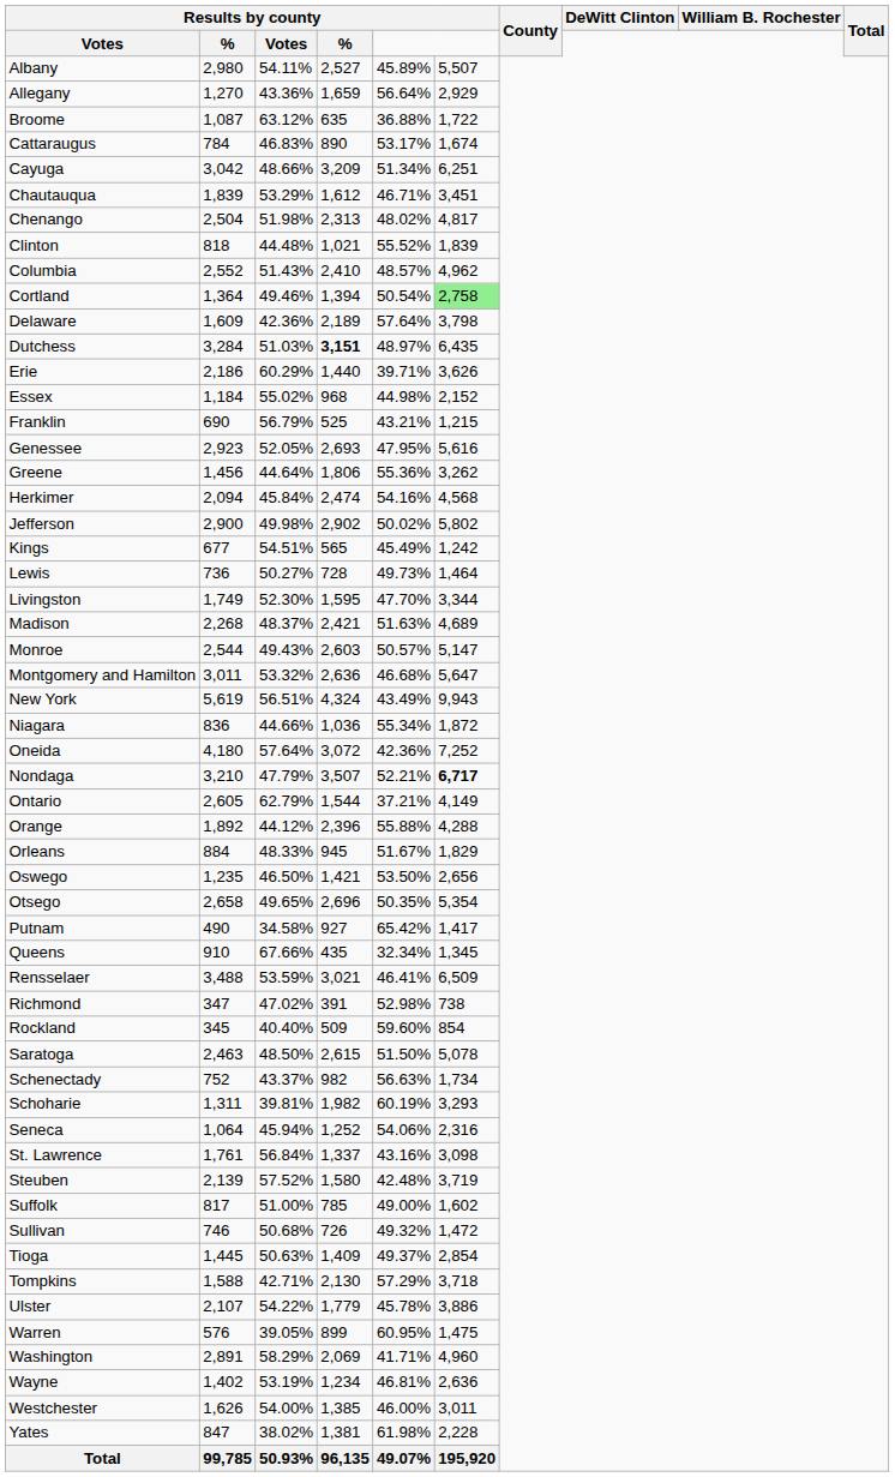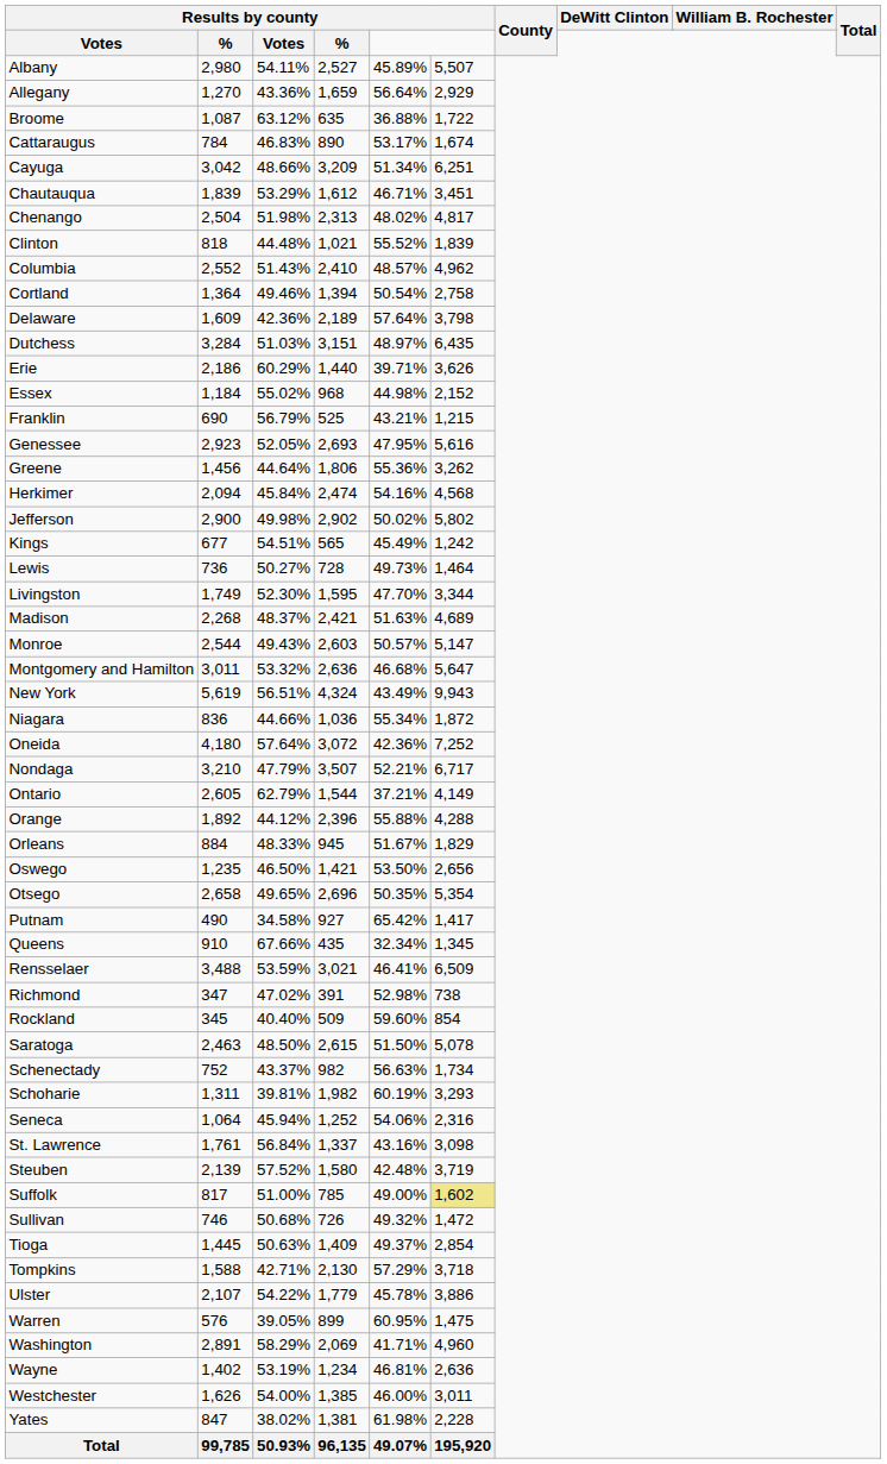 <table class="wikitable sortable mw-collapsible mw-collapsed">
 <tr>
 <th colspan="6"><strong>Results by county</strong></th>
 <th rowspan="2">County</th>
 <th colspan="2">DeWitt Clinton</th>
 <th colspan="2">William B. Rochester</th>
 <th rowspan="2">Total</th>
 </tr>
 <tr>
 <th>Votes</th>
 <th>%</th>
 <th>Votes</th>
 <th>%</th>
 </tr>
 <tr>
 <td>Albany</td>
 <td>2,980</td>
 <td>54.11%</td>
 <td>2,527</td>
 <td>45.89%</td>
 <td>5,507</td>
 </tr>
 <tr>
 <td>Allegany</td>
 <td>1,270</td>
 <td>43.36%</td>
 <td>1,659</td>
 <td>56.64%</td>
 <td>2,929</td>
 </tr>
 <tr>
 <td>Broome</td>
 <td>1,087</td>
 <td>63.12%</td>
 <td>635</td>
 <td>36.88%</td>
 <td>1,722</td>
 </tr>
 <tr>
 <td>Cattaraugus</td>
 <td>784</td>
 <td>46.83%</td>
 <td>890</td>
 <td>53.17%</td>
 <td>1,674</td>
 </tr>
 <tr>
 <td>Cayuga</td>
 <td>3,042</td>
 <td>48.66%</td>
 <td>3,209</td>
 <td>51.34%</td>
 <td>6,251</td>
 </tr>
 <tr>
 <td>Chautauqua</td>
 <td>1,839</td>
 <td>53.29%</td>
 <td>1,612</td>
 <td>46.71%</td>
 <td>3,451</td>
 </tr>
 <tr>
 <td>Chenango</td>
 <td>2,504</td>
 <td>51.98%</td>
 <td>2,313</td>
 <td>48.02%</td>
 <td>4,817</td>
 </tr>
 <tr>
 <td>Clinton</td>
 <td>818</td>
 <td>44.48%</td>
 <td>1,021</td>
 <td>55.52%</td>
 <td>1,839</td>
 </tr>
 <tr>
 <td>Columbia</td>
 <td>2,552</td>
 <td>51.43%</td>
 <td>2,410</td>
 <td>48.57%</td>
 <td>4,962</td>
 </tr>
 <tr>
 <td>Cortland</td>
 <td>1,364</td>
 <td>49.46%</td>
 <td>1,394</td>
 <td>50.54%</td>
-<td style="background: lightgreen;">2,758</td>
+<td>2,758</td>
 </tr>
 <tr>
 <td>Delaware</td>
 <td>1,609</td>
 <td>42.36%</td>
 <td>2,189</td>
 <td>57.64%</td>
 <td>3,798</td>
 </tr>
 <tr>
 <td>Dutchess</td>
 <td>3,284</td>
 <td>51.03%</td>
-<td><strong>3,151</strong></td>
+<td>3,151</td>
 <td>48.97%</td>
 <td>6,435</td>
 </tr>
 <tr>
 <td>Erie</td>
 <td>2,186</td>
 <td>60.29%</td>
 <td>1,440</td>
 <td>39.71%</td>
 <td>3,626</td>
 </tr>
 <tr>
 <td>Essex</td>
 <td>1,184</td>
 <td>55.02%</td>
 <td>968</td>
 <td>44.98%</td>
 <td>2,152</td>
 </tr>
 <tr>
 <td>Franklin</td>
 <td>690</td>
 <td>56.79%</td>
 <td>525</td>
 <td>43.21%</td>
 <td>1,215</td>
 </tr>
 <tr>
 <td>Genessee</td>
 <td>2,923</td>
 <td>52.05%</td>
 <td>2,693</td>
 <td>47.95%</td>
 <td>5,616</td>
 </tr>
 <tr>
 <td>Greene</td>
 <td>1,456</td>
 <td>44.64%</td>
 <td>1,806</td>
 <td>55.36%</td>
 <td>3,262</td>
 </tr>
 <tr>
 <td>Herkimer</td>
 <td>2,094</td>
 <td>45.84%</td>
 <td>2,474</td>
 <td>54.16%</td>
 <td>4,568</td>
 </tr>
 <tr>
 <td>Jefferson</td>
 <td>2,900</td>
 <td>49.98%</td>
 <td>2,902</td>
 <td>50.02%</td>
 <td>5,802</td>
 </tr>
 <tr>
 <td>Kings</td>
 <td>677</td>
 <td>54.51%</td>
 <td>565</td>
 <td>45.49%</td>
 <td>1,242</td>
 </tr>
 <tr>
 <td>Lewis</td>
 <td>736</td>
 <td>50.27%</td>
 <td>728</td>
 <td>49.73%</td>
 <td>1,464</td>
 </tr>
 <tr>
 <td>Livingston</td>
 <td>1,749</td>
 <td>52.30%</td>
 <td>1,595</td>
 <td>47.70%</td>
 <td>3,344</td>
 </tr>
 <tr>
 <td>Madison</td>
 <td>2,268</td>
 <td>48.37%</td>
 <td>2,421</td>
 <td>51.63%</td>
 <td>4,689</td>
 </tr>
 <tr>
 <td>Monroe</td>
 <td>2,544</td>
 <td>49.43%</td>
 <td>2,603</td>
 <td>50.57%</td>
 <td>5,147</td>
 </tr>
 <tr>
 <td>Montgomery and Hamilton</td>
 <td>3,011</td>
 <td>53.32%</td>
 <td>2,636</td>
 <td>46.68%</td>
 <td>5,647</td>
 </tr>
 <tr>
 <td>New York</td>
 <td>5,619</td>
 <td>56.51%</td>
 <td>4,324</td>
 <td>43.49%</td>
 <td>9,943</td>
 </tr>
 <tr>
 <td>Niagara</td>
 <td>836</td>
 <td>44.66%</td>
 <td>1,036</td>
 <td>55.34%</td>
 <td>1,872</td>
 </tr>
 <tr>
 <td>Oneida</td>
 <td>4,180</td>
 <td>57.64%</td>
 <td>3,072</td>
 <td>42.36%</td>
 <td>7,252</td>
 </tr>
 <tr>
 <td>Nondaga</td>
 <td>3,210</td>
 <td>47.79%</td>
 <td>3,507</td>
 <td>52.21%</td>
-<td><strong>6,717</strong></td>
+<td>6,717</td>
 </tr>
 <tr>
 <td>Ontario</td>
 <td>2,605</td>
 <td>62.79%</td>
 <td>1,544</td>
 <td>37.21%</td>
 <td>4,149</td>
 </tr>
 <tr>
 <td>Orange</td>
 <td>1,892</td>
 <td>44.12%</td>
 <td>2,396</td>
 <td>55.88%</td>
 <td>4,288</td>
 </tr>
 <tr>
 <td>Orleans</td>
 <td>884</td>
 <td>48.33%</td>
 <td>945</td>
 <td>51.67%</td>
 <td>1,829</td>
 </tr>
 <tr>
 <td>Oswego</td>
 <td>1,235</td>
 <td>46.50%</td>
 <td>1,421</td>
 <td>53.50%</td>
 <td>2,656</td>
 </tr>
 <tr>
 <td>Otsego</td>
 <td>2,658</td>
 <td>49.65%</td>
 <td>2,696</td>
 <td>50.35%</td>
 <td>5,354</td>
 </tr>
 <tr>
 <td>Putnam</td>
 <td>490</td>
 <td>34.58%</td>
 <td>927</td>
 <td>65.42%</td>
 <td>1,417</td>
 </tr>
 <tr>
 <td>Queens</td>
 <td>910</td>
 <td>67.66%</td>
 <td>435</td>
 <td>32.34%</td>
 <td>1,345</td>
 </tr>
 <tr>
 <td>Rensselaer</td>
 <td>3,488</td>
 <td>53.59%</td>
 <td>3,021</td>
 <td>46.41%</td>
 <td>6,509</td>
 </tr>
 <tr>
 <td>Richmond</td>
 <td>347</td>
 <td>47.02%</td>
 <td>391</td>
 <td>52.98%</td>
 <td>738</td>
 </tr>
 <tr>
 <td>Rockland</td>
 <td>345</td>
 <td>40.40%</td>
 <td>509</td>
 <td>59.60%</td>
 <td>854</td>
 </tr>
 <tr>
 <td>Saratoga</td>
 <td>2,463</td>
 <td>48.50%</td>
 <td>2,615</td>
 <td>51.50%</td>
 <td>5,078</td>
 </tr>
 <tr>
 <td>Schenectady</td>
 <td>752</td>
 <td>43.37%</td>
 <td>982</td>
 <td>56.63%</td>
 <td>1,734</td>
 </tr>
 <tr>
 <td>Schoharie</td>
 <td>1,311</td>
 <td>39.81%</td>
 <td>1,982</td>
 <td>60.19%</td>
 <td>3,293</td>
 </tr>
 <tr>
 <td>Seneca</td>
 <td>1,064</td>
 <td>45.94%</td>
 <td>1,252</td>
 <td>54.06%</td>
 <td>2,316</td>
 </tr>
 <tr>
 <td>St. Lawrence</td>
 <td>1,761</td>
 <td>56.84%</td>
 <td>1,337</td>
 <td>43.16%</td>
 <td>3,098</td>
 </tr>
 <tr>
 <td>Steuben</td>
 <td>2,139</td>
 <td>57.52%</td>
 <td>1,580</td>
 <td>42.48%</td>
 <td>3,719</td>
 </tr>
 <tr>
 <td>Suffolk</td>
 <td>817</td>
 <td>51.00%</td>
 <td>785</td>
 <td>49.00%</td>
-<td>1,602</td>
+<td style="background: khaki;">1,602</td>
 </tr>
 <tr>
 <td>Sullivan</td>
 <td>746</td>
 <td>50.68%</td>
 <td>726</td>
 <td>49.32%</td>
 <td>1,472</td>
 </tr>
 <tr>
 <td>Tioga</td>
 <td>1,445</td>
 <td>50.63%</td>
 <td>1,409</td>
 <td>49.37%</td>
 <td>2,854</td>
 </tr>
 <tr>
 <td>Tompkins</td>
 <td>1,588</td>
 <td>42.71%</td>
 <td>2,130</td>
 <td>57.29%</td>
 <td>3,718</td>
 </tr>
 <tr>
 <td>Ulster</td>
 <td>2,107</td>
 <td>54.22%</td>
 <td>1,779</td>
 <td>45.78%</td>
 <td>3,886</td>
 </tr>
 <tr>
 <td>Warren</td>
 <td>576</td>
 <td>39.05%</td>
 <td>899</td>
 <td>60.95%</td>
 <td>1,475</td>
 </tr>
 <tr>
 <td>Washington</td>
 <td>2,891</td>
 <td>58.29%</td>
 <td>2,069</td>
 <td>41.71%</td>
 <td>4,960</td>
 </tr>
 <tr>
 <td>Wayne</td>
 <td>1,402</td>
 <td>53.19%</td>
 <td>1,234</td>
 <td>46.81%</td>
 <td>2,636</td>
 </tr>
 <tr>
 <td>Westchester</td>
 <td>1,626</td>
 <td>54.00%</td>
 <td>1,385</td>
 <td>46.00%</td>
 <td>3,011</td>
 </tr>
 <tr>
 <td>Yates</td>
 <td>847</td>
 <td>38.02%</td>
 <td>1,381</td>
 <td>61.98%</td>
 <td>2,228</td>
 </tr>
 <tr>
 <th>Total</th>
 <th>99,785</th>
 <th>50.93%</th>
 <th>96,135</th>
 <th>49.07%</th>
 <th>195,920</th>
 </tr>
 </table>
